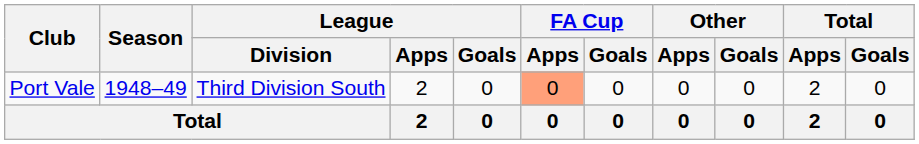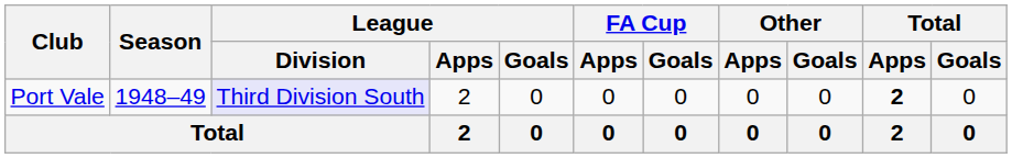 <table class="wikitable" style="text-align:center">
 <tr>
 <th rowspan="2">Club</th>
 <th rowspan="2">Season</th>
 <th colspan="3">League</th>
 <th colspan="2"><a href='#'>FA Cup</a></th>
 <th colspan="2">Other</th>
 <th colspan="2">Total</th>
 </tr>
 <tr>
 <th>Division</th>
 <th>Apps</th>
 <th>Goals</th>
 <th>Apps</th>
 <th>Goals</th>
 <th>Apps</th>
 <th>Goals</th>
 <th>Apps</th>
 <th>Goals</th>
 </tr>
 <tr>
 <td><a href='#'>Port Vale</a></td>
 <td><a href='#'>1948–49</a></td>
-<td><a href='#'>Third Division South</a></td>
+<td style="background: lavender;"><a href='#'>Third Division South</a></td>
 <td>2</td>
-<td>0</td>
-<td style="background: lightsalmon;">0</td>
 <td>0</td>
 <td>0</td>
 <td>0</td>
-<td>2</td>
+<td>0</td>
+<td>0</td>
+<td><strong>2</strong></td>
 <td>0</td>
 </tr>
 <tr>
 <th colspan="3">Total</th>
 <th>2</th>
 <th>0</th>
 <th>0</th>
 <th>0</th>
 <th>0</th>
 <th>0</th>
 <th>2</th>
 <th>0</th>
 </tr>
 </table>
